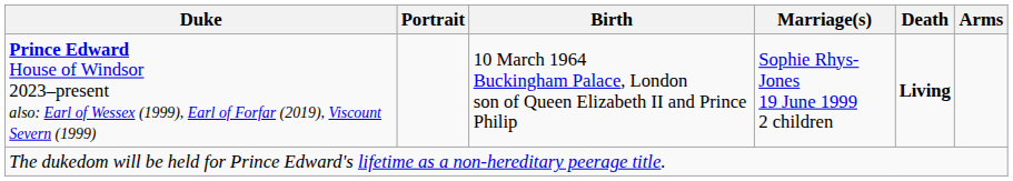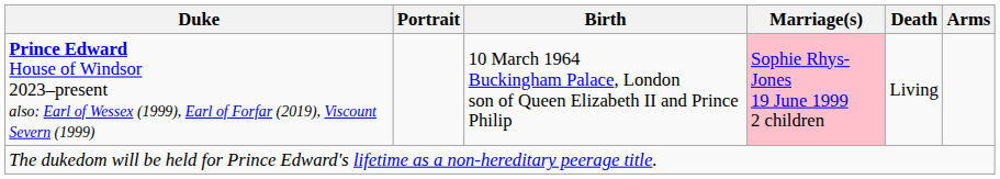 <table class="wikitable">
 <tr>
 <th>Duke</th>
 <th>Portrait</th>
 <th>Birth</th>
 <th>Marriage(s)</th>
 <th>Death</th>
 <th>Arms</th>
 </tr>
 <tr>
 <td><strong><a href='#'>Prince Edward</a></strong><br><a href='#'>House of Windsor</a><br>2023–present<br><small><em>also: <a href='#'>Earl of Wessex</a> (1999), <a href='#'>Earl of Forfar</a> (2019), <a href='#'>Viscount Severn</a> (1999)</em></small></td>
 <td></td>
 <td>10 March 1964<br><a href='#'>Buckingham Palace</a>, London<br>son of Queen Elizabeth II and Prince Philip</td>
-<td><a href='#'>Sophie Rhys-Jones</a><br><a href='#'>19 June 1999</a><br>2 children</td>
-<td><strong>Living</strong></td>
+<td style="background: pink;"><a href='#'>Sophie Rhys-Jones</a><br><a href='#'>19 June 1999</a><br>2 children</td>
+<td>Living</td>
 <td></td>
 </tr>
 <tr>
 <td colspan="6"><em>The dukedom will be held for Prince Edward's <a href='#'>lifetime as a non-hereditary peerage title</a>.</em></td>
 </tr>
 </table>
